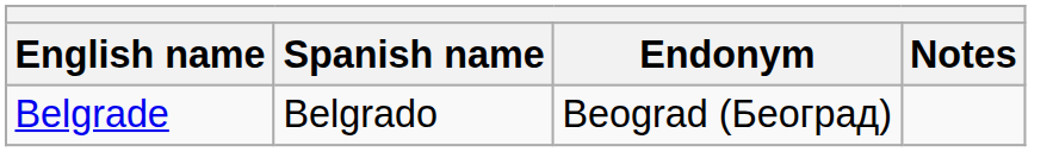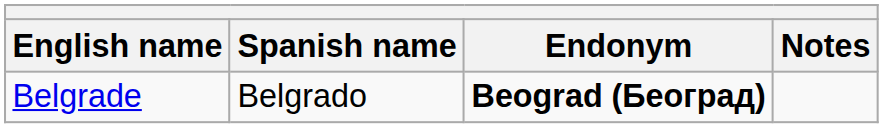 <table class="wikitable sortable">
 <tr>
 <th colspan="4"></th>
 </tr>
 <tr>
 <th>English name</th>
 <th>Spanish name</th>
 <th>Endonym</th>
 <th>Notes</th>
 </tr>
 <tr>
 <td><a href='#'>Belgrade</a></td>
 <td>Belgrado</td>
-<td>Beograd (Београд)</td>
+<td><strong>Beograd (Београд)</strong></td>
 <td></td>
 </tr>
 </table>
